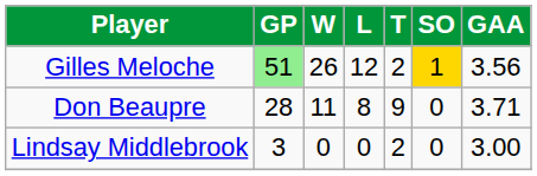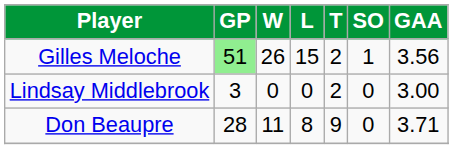 <table class="wikitable sortable">
 <tr>
 <th style="color:white; background:#009639; ">Player</th>
 <th style="color:white; background:#009639; ">GP</th>
 <th style="color:white; background:#009639; ">W</th>
 <th style="color:white; background:#009639; ">L</th>
 <th style="color:white; background:#009639; ">T</th>
 <th style="color:white; background:#009639; ">SO</th>
 <th style="color:white; background:#009639; ">GAA</th>
 </tr>
 <tr align="center">
 <td><a href='#'>Gilles Meloche</a></td>
 <td style="background: lightgreen;">51</td>
 <td>26</td>
-<td>12</td>
+<td>15</td>
 <td>2</td>
-<td style="background: gold;">1</td>
+<td>1</td>
 <td>3.56</td>
+</tr>
+<tr align="center">
+<td><a href='#'>Lindsay Middlebrook</a></td>
+<td>3</td>
+<td>0</td>
+<td>0</td>
+<td>2</td>
+<td>0</td>
+<td>3.00</td>
 </tr>
 <tr align="center">
 <td><a href='#'>Don Beaupre</a></td>
 <td>28</td>
 <td>11</td>
 <td>8</td>
 <td>9</td>
 <td>0</td>
 <td>3.71</td>
 </tr>
 <tr align="center">
-<td><a href='#'>Lindsay Middlebrook</a></td>
-<td>3</td>
-<td>0</td>
-<td>0</td>
-<td>2</td>
-<td>0</td>
-<td>3.00</td>
-</tr>
-<tr align="center">
 </tr>
 <tr>
 </tr>
 </table>
